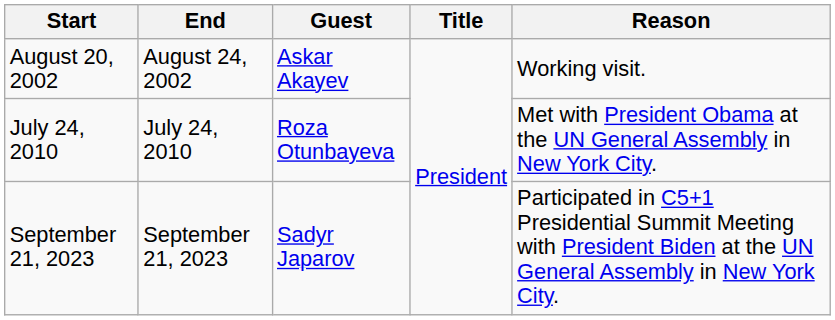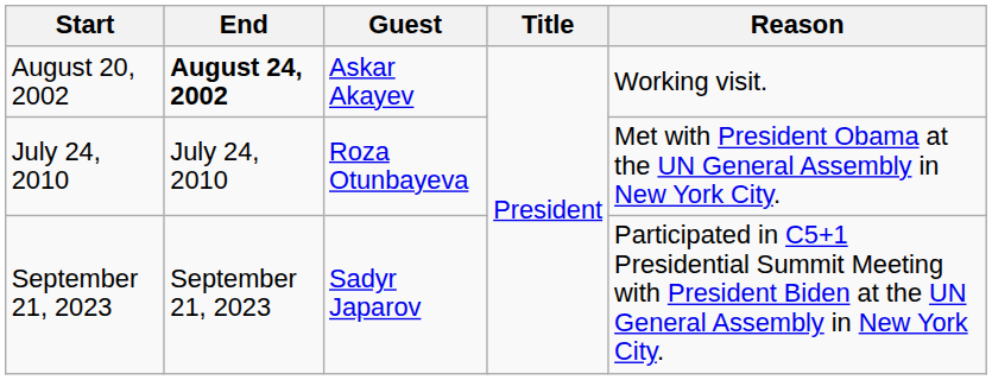 <table class="wikitable sortable">
 <tr>
 <th>Start</th>
 <th>End</th>
 <th>Guest</th>
 <th>Title</th>
 <th>Reason</th>
 </tr>
 <tr>
 <td>August 20, 2002</td>
-<td>August 24, 2002</td>
+<td><strong>August 24, 2002</strong></td>
 <td><a href='#'>Askar Akayev</a></td>
 <td rowspan=3><a href='#'>President</a></td>
 <td>Working visit.</td>
 </tr>
 <tr>
 <td>July 24, 2010</td>
 <td>July 24, 2010</td>
 <td><a href='#'>Roza Otunbayeva</a></td>
 <td>Met with <a href='#'>President Obama</a> at the <a href='#'>UN General Assembly</a> in <a href='#'>New York City</a>.</td>
 </tr>
 <tr>
 <td>September 21, 2023</td>
 <td>September 21, 2023</td>
 <td><a href='#'>Sadyr Japarov</a></td>
 <td>Participated in <a href='#'>C5+1</a> Presidential Summit Meeting with <a href='#'>President Biden</a> at the <a href='#'>UN General Assembly</a> in <a href='#'>New York City</a>.</td>
 </tr>
 </table>
